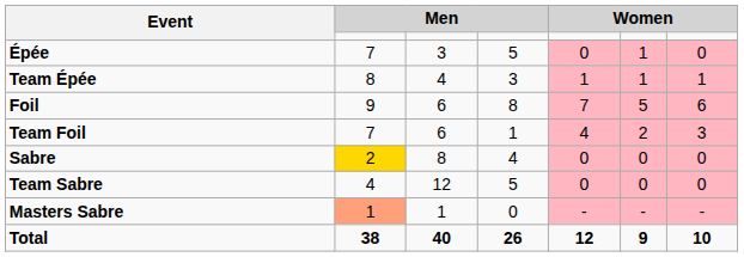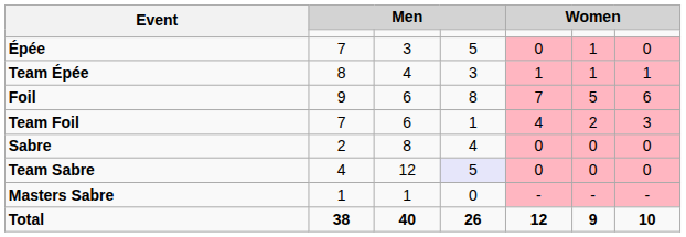 <table class="wikitable" width=50% style="font-size:90%; text-align:center;">
 <tr>
 <th rowspan=2>Event</th>
 <th colspan=3; style="background-color:lightgrey">Men</th>
 <th colspan=3; style="background-color:lightgrey">Women</th>
 </tr>
 <tr>
 <td></td>
 <td></td>
 <td></td>
 <td></td>
 <td></td>
 <td></td>
 </tr>
 <tr>
 <td align=left><strong>Épée</strong></td>
 <td>7</td>
 <td>3</td>
 <td>5</td>
 <td bgcolor=LightPink>0</td>
 <td bgcolor=LightPink>1</td>
 <td bgcolor=LightPink>0</td>
 </tr>
 <tr>
 <td align=left><strong>Team Épée</strong></td>
 <td>8</td>
 <td>4</td>
 <td>3</td>
 <td bgcolor=LightPink>1</td>
 <td bgcolor=LightPink>1</td>
 <td bgcolor=LightPink>1</td>
 </tr>
 <tr>
 <td align=left><strong>Foil</strong></td>
 <td>9</td>
 <td>6</td>
 <td>8</td>
 <td bgcolor=LightPink>7</td>
 <td bgcolor=LightPink>5</td>
 <td bgcolor=LightPink>6</td>
 </tr>
 <tr>
 <td align=left><strong>Team Foil</strong></td>
 <td>7</td>
 <td>6</td>
 <td>1</td>
 <td bgcolor=LightPink>4</td>
 <td bgcolor=LightPink>2</td>
 <td bgcolor=LightPink>3</td>
 </tr>
 <tr>
 <td align=left><strong>Sabre</strong></td>
-<td style="background: gold;">2</td>
+<td>2</td>
 <td>8</td>
 <td>4</td>
 <td bgcolor=LightPink>0</td>
 <td bgcolor=LightPink>0</td>
 <td bgcolor=LightPink>0</td>
 </tr>
 <tr>
 <td align=left><strong>Team Sabre</strong></td>
 <td>4</td>
 <td>12</td>
-<td>5</td>
+<td style="background: lavender;">5</td>
 <td bgcolor=LightPink>0</td>
 <td bgcolor=LightPink>0</td>
 <td bgcolor=LightPink>0</td>
 </tr>
 <tr>
 <td align=left><strong>Masters Sabre</strong></td>
-<td style="background: lightsalmon;">1</td>
+<td>1</td>
 <td>1</td>
 <td>0</td>
 <td bgcolor=LightPink>-</td>
 <td bgcolor=LightPink>-</td>
 <td bgcolor=LightPink>-</td>
 </tr>
 <tr>
 <td align=left><strong>Total</strong></td>
 <td><strong>38</strong></td>
 <td><strong>40</strong></td>
 <td><strong>26</strong></td>
 <td><strong>12</strong></td>
 <td><strong>9</strong></td>
 <td><strong>10</strong></td>
 </tr>
 </table>
